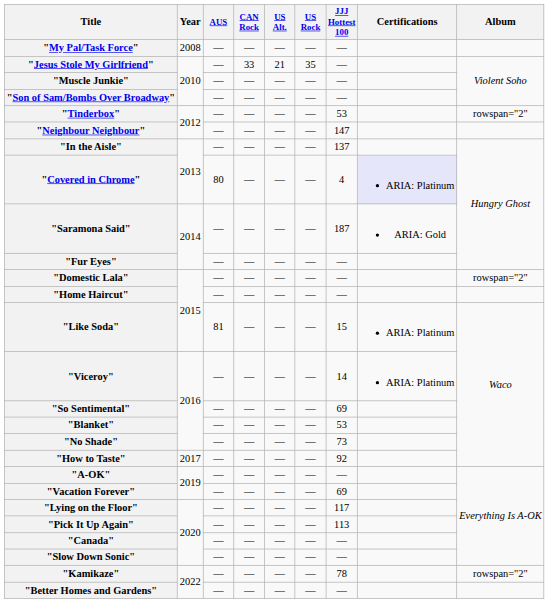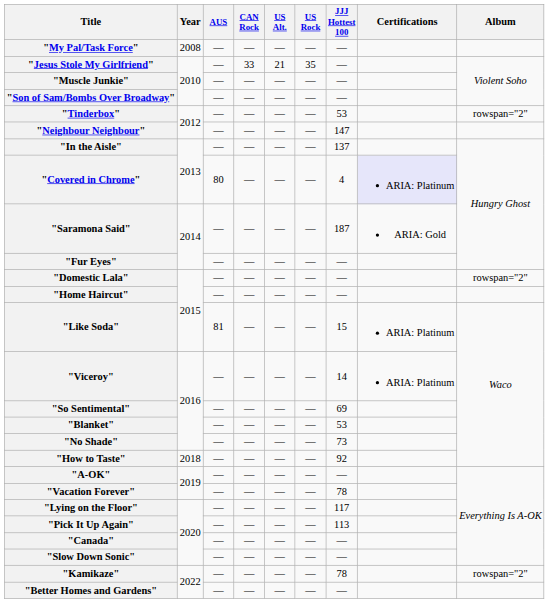 <table class="wikitable plainrowheaders" style="text-align:center;">
 <tr>
 <th>Title</th>
 <th>Year</th>
 <th style="width:3em;font-size:85%"><a href='#'>AUS</a><br></th>
 <th style="width:3em;font-size:85%"><a href='#'>CAN<br>Rock</a><br></th>
 <th style="width:3em;font-size:85%"><a href='#'>US<br>Alt.</a><br></th>
 <th style="width:3em;font-size:85%"><a href='#'>US<br>Rock</a><br></th>
 <th style="width:3em;font-size:85%"><a href='#'>JJJ Hottest 100</a></th>
 <th>Certifications</th>
 <th>Album</th>
 </tr>
 <tr>
 <th scope="row">"<a href='#'>My Pal/Task Force</a>"</th>
 <td>2008</td>
 <td>—</td>
 <td>—</td>
 <td>—</td>
 <td>—</td>
 <td>—</td>
 <td></td>
 <td></td>
 </tr>
 <tr>
 <th scope="row">"<a href='#'>Jesus Stole My Girlfriend</a>"</th>
 <td rowspan="3">2010</td>
 <td>—</td>
 <td>33</td>
 <td>21</td>
 <td>35</td>
 <td>—</td>
 <td></td>
 <td rowspan="3"><em>Violent Soho</em></td>
 </tr>
 <tr>
 <th scope="row">"Muscle Junkie"</th>
 <td>—</td>
 <td>—</td>
 <td>—</td>
 <td>—</td>
 <td>—</td>
 <td></td>
 </tr>
 <tr>
 <th scope="row">"<a href='#'>Son of Sam/Bombs Over Broadway</a>"</th>
 <td>—</td>
 <td>—</td>
 <td>—</td>
 <td>—</td>
 <td>—</td>
 <td></td>
 </tr>
 <tr>
 <th scope="row">"<a href='#'>Tinderbox</a>"</th>
 <td rowspan="2">2012</td>
 <td>—</td>
 <td>—</td>
 <td>—</td>
 <td>—</td>
 <td>53</td>
 <td></td>
 <td>rowspan="2" </td>
 </tr>
 <tr>
 <th scope="row">"<a href='#'>Neighbour Neighbour</a>"</th>
 <td>—</td>
 <td>—</td>
 <td>—</td>
 <td>—</td>
 <td>147</td>
 <td></td>
 </tr>
 <tr>
 <th scope="row">"In the Aisle"</th>
 <td rowspan="2">2013</td>
 <td>—</td>
 <td>—</td>
 <td>—</td>
 <td>—</td>
 <td>137</td>
 <td></td>
 <td rowspan="4"><em>Hungry Ghost</em></td>
 </tr>
 <tr>
 <th scope="row">"<a href='#'>Covered in Chrome</a>"</th>
 <td>80</td>
 <td>—</td>
 <td>—</td>
 <td>—</td>
 <td>4</td>
 <td style="background: lavender;"><br><ul><li>ARIA: Platinum</li></ul></td>
 </tr>
 <tr>
 <th scope="row">"Saramona Said"</th>
 <td rowspan="2">2014</td>
 <td>—</td>
 <td>—</td>
 <td>—</td>
 <td>—</td>
 <td>187</td>
 <td><br><ul><li>ARIA: Gold</li></ul></td>
 </tr>
 <tr>
 <th scope="row">"Fur Eyes"</th>
 <td>—</td>
 <td>—</td>
 <td>—</td>
 <td>—</td>
 <td>—</td>
 <td></td>
 </tr>
 <tr>
 <th scope="row">"Domestic Lala"</th>
 <td rowspan="3">2015</td>
 <td>—</td>
 <td>—</td>
 <td>—</td>
 <td>—</td>
 <td>—</td>
 <td></td>
 <td>rowspan="2" </td>
 </tr>
 <tr>
 <th scope="row">"Home Haircut"</th>
 <td>—</td>
 <td>—</td>
 <td>—</td>
 <td>—</td>
 <td>—</td>
 <td></td>
 </tr>
 <tr>
 <th scope="row">"Like Soda"</th>
 <td>81</td>
 <td>—</td>
 <td>—</td>
 <td>—</td>
 <td>15</td>
 <td><br><ul><li>ARIA: Platinum</li></ul></td>
 <td rowspan="6"><em>Waco</em></td>
 </tr>
 <tr>
 <th scope="row">"Viceroy"</th>
 <td rowspan="4">2016</td>
 <td>—</td>
 <td>—</td>
 <td>—</td>
 <td>—</td>
 <td>14</td>
 <td><br><ul><li>ARIA: Platinum</li></ul></td>
 </tr>
 <tr>
 <th scope="row">"So Sentimental"</th>
 <td>—</td>
 <td>—</td>
 <td>—</td>
 <td>—</td>
 <td>69</td>
 <td></td>
 </tr>
 <tr>
 <th scope="row">"Blanket"</th>
 <td>—</td>
 <td>—</td>
 <td>—</td>
 <td>—</td>
 <td>53</td>
 <td></td>
 </tr>
 <tr>
 <th scope="row">"No Shade"</th>
 <td>—</td>
 <td>—</td>
 <td>—</td>
 <td>—</td>
 <td>73</td>
 <td></td>
 </tr>
 <tr>
 <th scope="row">"How to Taste"</th>
-<td>2017</td>
+<td>2018</td>
 <td>—</td>
 <td>—</td>
 <td>—</td>
 <td>—</td>
 <td>92</td>
 <td></td>
 </tr>
 <tr>
 <th scope="row">"A-OK"</th>
 <td rowspan="2">2019</td>
 <td>—</td>
 <td>—</td>
 <td>—</td>
 <td>—</td>
 <td>—</td>
 <td></td>
 <td rowspan="6"><em>Everything Is A-OK</em></td>
 </tr>
 <tr>
 <th scope="row">"Vacation Forever"</th>
 <td>—</td>
 <td>—</td>
 <td>—</td>
 <td>—</td>
-<td>69</td>
+<td>78</td>
 <td></td>
 </tr>
 <tr>
 <th scope="row">"Lying on the Floor"</th>
 <td rowspan="4">2020</td>
 <td>—</td>
 <td>—</td>
 <td>—</td>
 <td>—</td>
 <td>117</td>
 <td></td>
 </tr>
 <tr>
 <th scope="row">"Pick It Up Again"</th>
 <td>—</td>
 <td>—</td>
 <td>—</td>
 <td>—</td>
 <td>113</td>
 <td></td>
 </tr>
 <tr>
 <th scope="row">"Canada"</th>
 <td>—</td>
 <td>—</td>
 <td>—</td>
 <td>—</td>
 <td>—</td>
 <td></td>
 </tr>
 <tr>
 <th scope="row">"Slow Down Sonic"</th>
 <td>—</td>
 <td>—</td>
 <td>—</td>
 <td>—</td>
 <td>—</td>
 <td></td>
 </tr>
 <tr>
 <th scope="row">"Kamikaze"</th>
 <td rowspan="2">2022</td>
 <td>—</td>
 <td>—</td>
 <td>—</td>
 <td>—</td>
 <td>78</td>
 <td></td>
 <td>rowspan="2" </td>
 </tr>
 <tr>
 <th scope="row">"Better Homes and Gardens"</th>
 <td>—</td>
 <td>—</td>
 <td>—</td>
 <td>—</td>
 <td>—</td>
 <td></td>
 </tr>
 </table>
